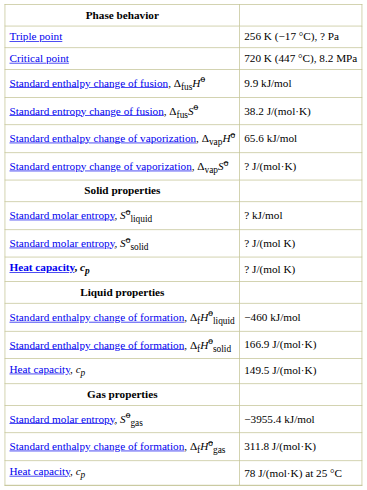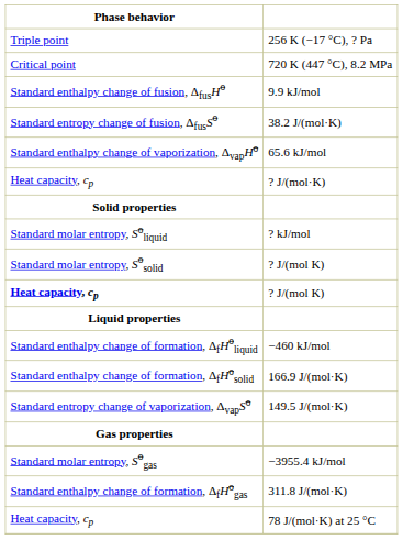 <table border="1" cellspacing="0" cellpadding="6" style="margin: 0 0 0 0.5em; background: #FFFFFF; border-collapse: collapse; border-color: #C0C090;">
 <tr>
 <th>Phase behavior</th>
 </tr>
 <tr>
 <td><a href='#'>Triple point</a></td>
 <td>256 K (−17 °C), ? Pa</td>
 </tr>
 <tr>
 <td><a href='#'>Critical point</a></td>
 <td>720 K (447 °C), 8.2 MPa</td>
 </tr>
 <tr>
 <td><a href='#'>Standard enthalpy change of fusion</a>, Δ<sub>fus</sub><em>H</em><sup><s>o</s></sup></td>
 <td>9.9 kJ/mol</td>
 </tr>
 <tr>
 <td><a href='#'>Standard entropy change of fusion</a>, Δ<sub>fus</sub><em>S</em><sup><s>o</s></sup></td>
 <td>38.2 J/(mol·K)</td>
 </tr>
 <tr>
 <td><a href='#'>Standard enthalpy change of vaporization</a>, Δ<sub>vap</sub><em>H</em><sup><s>o</s></sup></td>
 <td>65.6 kJ/mol</td>
 </tr>
 <tr>
-<td><a href='#'>Standard entropy change of vaporization</a>, Δ<sub>vap</sub><em>S</em><sup><s>o</s></sup></td>
+<td><a href='#'>Heat capacity</a>, <em>c<sub>p</sub></em></td>
 <td>? J/(mol·K)</td>
 </tr>
 <tr>
 <th>Solid properties</th>
 </tr>
 <tr>
 <td><a href='#'>Standard molar entropy</a>, <em>S</em><sup><s>o</s></sup><sub>liquid</sub></td>
 <td>? kJ/mol</td>
 </tr>
 <tr>
 <td><a href='#'>Standard molar entropy</a>, <em>S</em><sup><s>o</s></sup><sub>solid</sub></td>
 <td>? J/(mol K)</td>
 </tr>
 <tr>
 <td><strong><a href='#'>Heat capacity</a>, <em>c<sub>p</sub></em></strong></td>
 <td>? J/(mol K)</td>
 </tr>
 <tr>
 <th>Liquid properties</th>
 </tr>
 <tr>
 <td><a href='#'>Standard enthalpy change of formation</a>, Δ<sub>f</sub><em>H</em><sup><s>o</s></sup><sub>liquid</sub></td>
 <td>−460 kJ/mol</td>
 </tr>
 <tr>
 <td><a href='#'>Standard enthalpy change of formation</a>, Δ<sub>f</sub><em>H</em><sup><s>o</s></sup><sub>solid</sub></td>
 <td>166.9 J/(mol·K)</td>
 </tr>
 <tr>
-<td><a href='#'>Heat capacity</a>, <em>c<sub>p</sub></em></td>
+<td><a href='#'>Standard entropy change of vaporization</a>, Δ<sub>vap</sub><em>S</em><sup><s>o</s></sup></td>
 <td>149.5 J/(mol·K)</td>
 </tr>
 <tr>
 <th>Gas properties</th>
 </tr>
 <tr>
 <td><a href='#'>Standard molar entropy</a>, <em>S</em><sup><s>o</s></sup><sub>gas</sub></td>
 <td>−3955.4 kJ/mol</td>
 </tr>
 <tr>
 <td><a href='#'>Standard enthalpy change of formation</a>, Δ<sub>f</sub><em>H</em><sup><s>o</s></sup><sub>gas</sub></td>
 <td>311.8 J/(mol·K)</td>
 </tr>
 <tr>
 <td><a href='#'>Heat capacity</a>, <em>c<sub>p</sub></em></td>
 <td>78 J/(mol·K) at 25 °C</td>
 </tr>
 <tr>
 </tr>
 </table>
